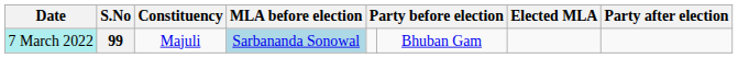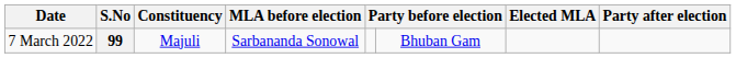 <table class="wikitable sortable" style="text-align:center;">
 <tr>
 <th>Date</th>
 <th>S.No</th>
 <th>Constituency</th>
 <th>MLA before election</th>
 <th colspan="2">Party before election</th>
 <th>Elected MLA</th>
 <th colspan="2">Party after election</th>
 </tr>
 <tr>
-<td style="background: paleturquoise;">7 March 2022</td>
+<td>7 March 2022</td>
 <th>99</th>
 <td><a href='#'>Majuli</a></td>
-<td style="background: lightblue;"><a href='#'>Sarbananda Sonowal</a></td>
+<td><a href='#'>Sarbananda Sonowal</a></td>
 <td></td>
 <td><a href='#'>Bhuban Gam</a></td>
 <td></td>
 </tr>
 </table>
